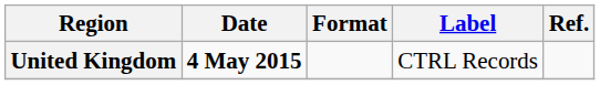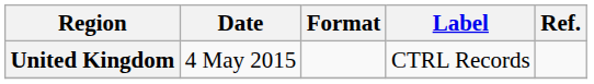 <table class="wikitable plainrowheaders">
 <tr>
 <th scope="col">Region</th>
 <th scope="col">Date</th>
 <th scope="col">Format</th>
 <th scope="col"><a href='#'>Label</a></th>
 <th scope="col">Ref.</th>
 </tr>
 <tr>
 <th scope="row">United Kingdom</th>
-<td><strong>4 May 2015</strong></td>
+<td>4 May 2015</td>
 <td></td>
 <td>CTRL Records</td>
 <td></td>
 </tr>
 <tr>
 </tr>
 </table>
